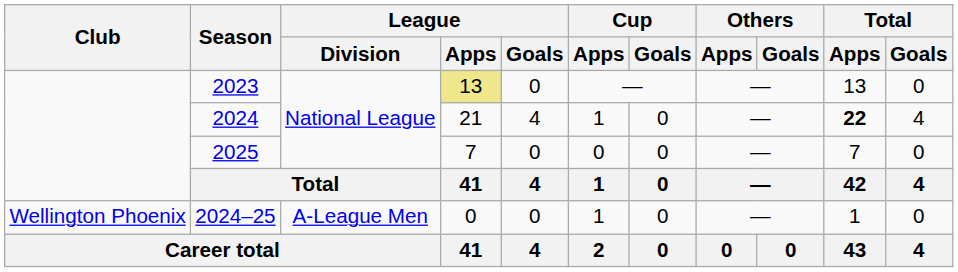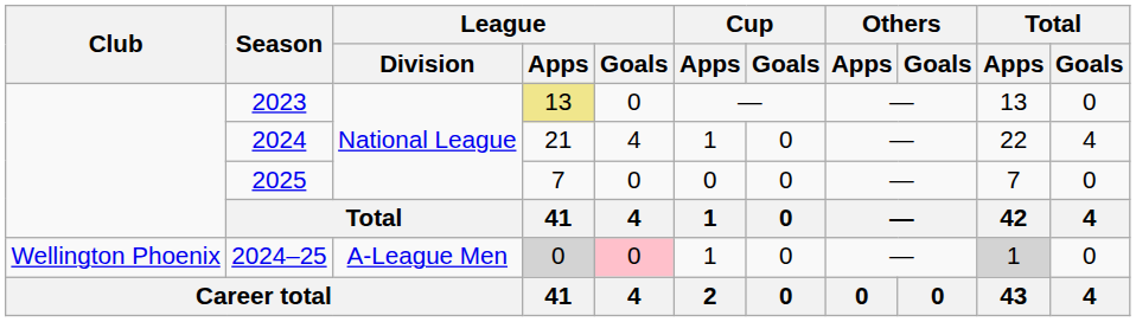 <table class="wikitable" style="text-align: center;">
 <tr>
 <th rowspan=2>Club</th>
 <th rowspan=2>Season</th>
 <th colspan=3>League</th>
 <th colspan=2>Cup</th>
 <th colspan=2>Others</th>
 <th colspan=2>Total</th>
 </tr>
 <tr>
 <th>Division</th>
 <th>Apps</th>
 <th>Goals</th>
 <th>Apps</th>
 <th>Goals</th>
 <th>Apps</th>
 <th>Goals</th>
 <th>Apps</th>
 <th>Goals</th>
 </tr>
 <tr>
 <td rowspan=4></td>
 <td><a href='#'>2023</a></td>
 <td rowspan=3><a href='#'>National League</a></td>
 <td style="background: khaki;">13</td>
 <td>0</td>
 <td colspan=2>—</td>
 <td colspan=2>—</td>
 <td>13</td>
 <td>0</td>
 </tr>
 <tr>
 <td><a href='#'>2024</a></td>
 <td>21</td>
 <td>4</td>
 <td>1</td>
 <td>0</td>
 <td colspan=2>—</td>
-<td><strong>22</strong></td>
+<td>22</td>
 <td>4</td>
 </tr>
 <tr>
 <td><a href='#'>2025</a></td>
 <td>7</td>
 <td>0</td>
 <td>0</td>
 <td>0</td>
 <td colspan=2>—</td>
 <td>7</td>
 <td>0</td>
 </tr>
 <tr>
 <th colspan=2>Total</th>
 <th>41</th>
 <th>4</th>
 <th>1</th>
 <th>0</th>
 <th colspan=2>—</th>
 <th>42</th>
 <th>4</th>
 </tr>
 <tr>
 <td rowspan=1><a href='#'>Wellington Phoenix</a></td>
 <td><a href='#'>2024–25</a></td>
 <td rowspan=1><a href='#'>A-League Men</a></td>
-<td>0</td>
-<td>0</td>
+<td style="background: lightgrey;">0</td>
+<td style="background: pink;">0</td>
 <td>1</td>
 <td>0</td>
 <td colspan=2>—</td>
-<td>1</td>
+<td style="background: lightgrey;">1</td>
 <td>0</td>
 </tr>
 <tr>
 <th colspan=3>Career total</th>
 <th>41</th>
 <th>4</th>
 <th>2</th>
 <th>0</th>
 <th>0</th>
 <th>0</th>
 <th>43</th>
 <th>4</th>
 </tr>
 </table>
